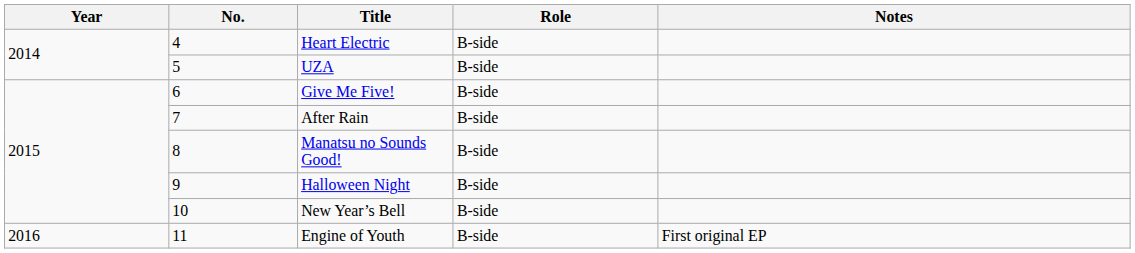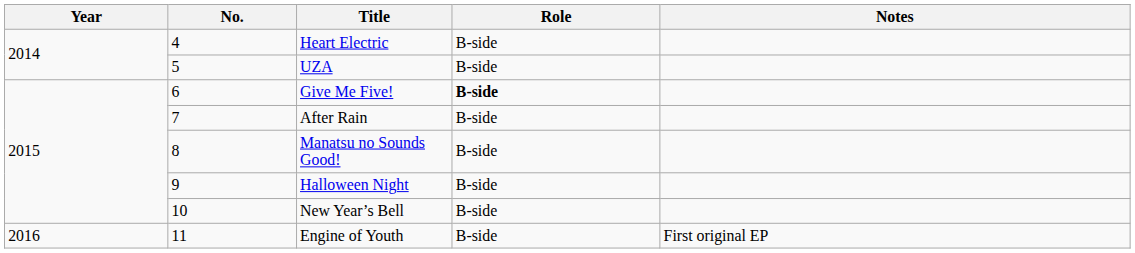 <table class="wikitable sortable" style="width:90%;">
 <tr>
 <th>Year</th>
 <th data-sort-type="number">No.</th>
 <th style="width:150px;">Title</th>
 <th>Role</th>
 <th class="unsortable">Notes</th>
 </tr>
 <tr>
 <td rowspan="2">2014</td>
 <td>4</td>
 <td><a href='#'>Heart Electric</a></td>
 <td>B-side</td>
 <td></td>
 </tr>
 <tr>
 <td>5</td>
 <td><a href='#'>UZA</a></td>
 <td>B-side</td>
 <td></td>
 </tr>
 <tr>
 <td rowspan="5">2015</td>
 <td>6</td>
 <td><a href='#'>Give Me Five!</a></td>
-<td>B-side</td>
+<td><strong>B-side</strong></td>
 <td></td>
 </tr>
 <tr>
 <td>7</td>
 <td>After Rain</td>
 <td>B-side</td>
 <td></td>
 </tr>
 <tr>
 <td>8</td>
 <td><a href='#'>Manatsu no Sounds Good!</a></td>
 <td>B-side</td>
 <td></td>
 </tr>
 <tr>
 <td>9</td>
 <td><a href='#'>Halloween Night</a></td>
 <td>B-side</td>
 <td></td>
 </tr>
 <tr>
 <td>10</td>
 <td>New Year’s Bell</td>
 <td>B-side</td>
 <td></td>
 </tr>
 <tr>
 <td rowspan="1">2016</td>
 <td>11</td>
 <td>Engine of Youth</td>
 <td>B-side</td>
 <td>First original EP</td>
 </tr>
 </table>
